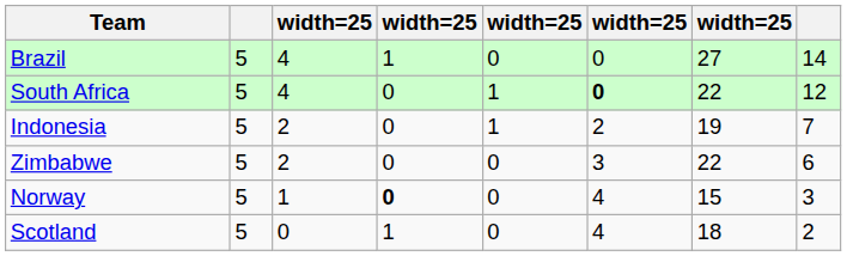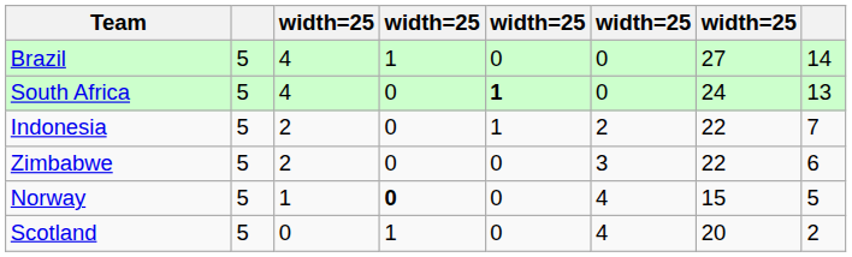 <table class="wikitable sortable" style="text-align: left;">
 <tr>
 <th width=165>Team</th>
 <th width=25></th>
 <th>width=25</th>
 <th>width=25</th>
 <th>width=25</th>
 <th>width=25</th>
 <th>width=25</th>
 <th width=25></th>
 </tr>
 <tr style="background:#cfc">
 <td> <a href='#'>Brazil</a></td>
 <td>5</td>
 <td>4</td>
 <td>1</td>
 <td>0</td>
 <td>0</td>
 <td>27</td>
 <td>14</td>
 </tr>
 <tr style="background:#cfc">
 <td> <a href='#'>South Africa</a></td>
 <td>5</td>
 <td>4</td>
 <td>0</td>
-<td>1</td>
-<td><strong>0</strong></td>
-<td>22</td>
-<td>12</td>
+<td><strong>1</strong></td>
+<td>0</td>
+<td>24</td>
+<td>13</td>
 </tr>
 <tr>
 <td> <a href='#'>Indonesia</a></td>
 <td>5</td>
 <td>2</td>
 <td>0</td>
 <td>1</td>
 <td>2</td>
-<td>19</td>
+<td>22</td>
 <td>7</td>
 </tr>
 <tr>
 <td> <a href='#'>Zimbabwe</a></td>
 <td>5</td>
 <td>2</td>
 <td>0</td>
 <td>0</td>
 <td>3</td>
 <td>22</td>
 <td>6</td>
 </tr>
 <tr>
 <td> <a href='#'>Norway</a></td>
 <td>5</td>
 <td>1</td>
 <td><strong>0</strong></td>
 <td>0</td>
 <td>4</td>
 <td>15</td>
-<td>3</td>
+<td>5</td>
 </tr>
 <tr>
 <td> <a href='#'>Scotland</a></td>
 <td>5</td>
 <td>0</td>
 <td>1</td>
 <td>0</td>
 <td>4</td>
-<td>18</td>
+<td>20</td>
 <td>2</td>
 </tr>
 </table>
